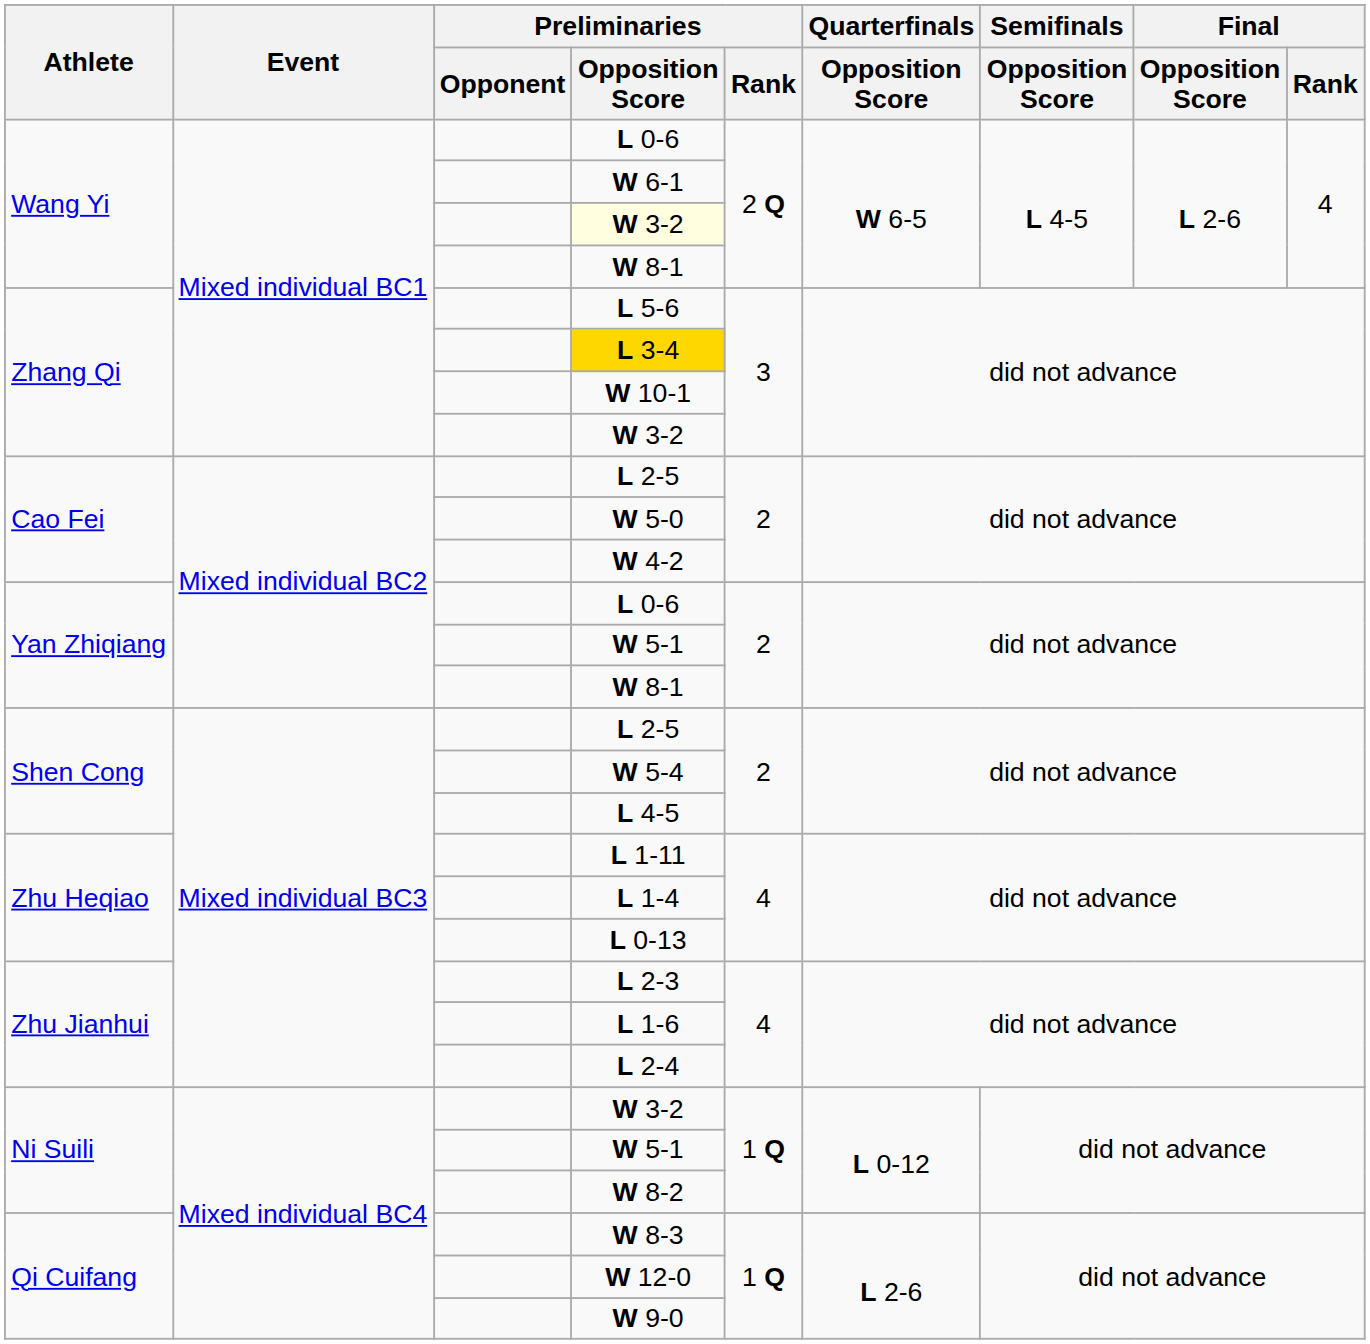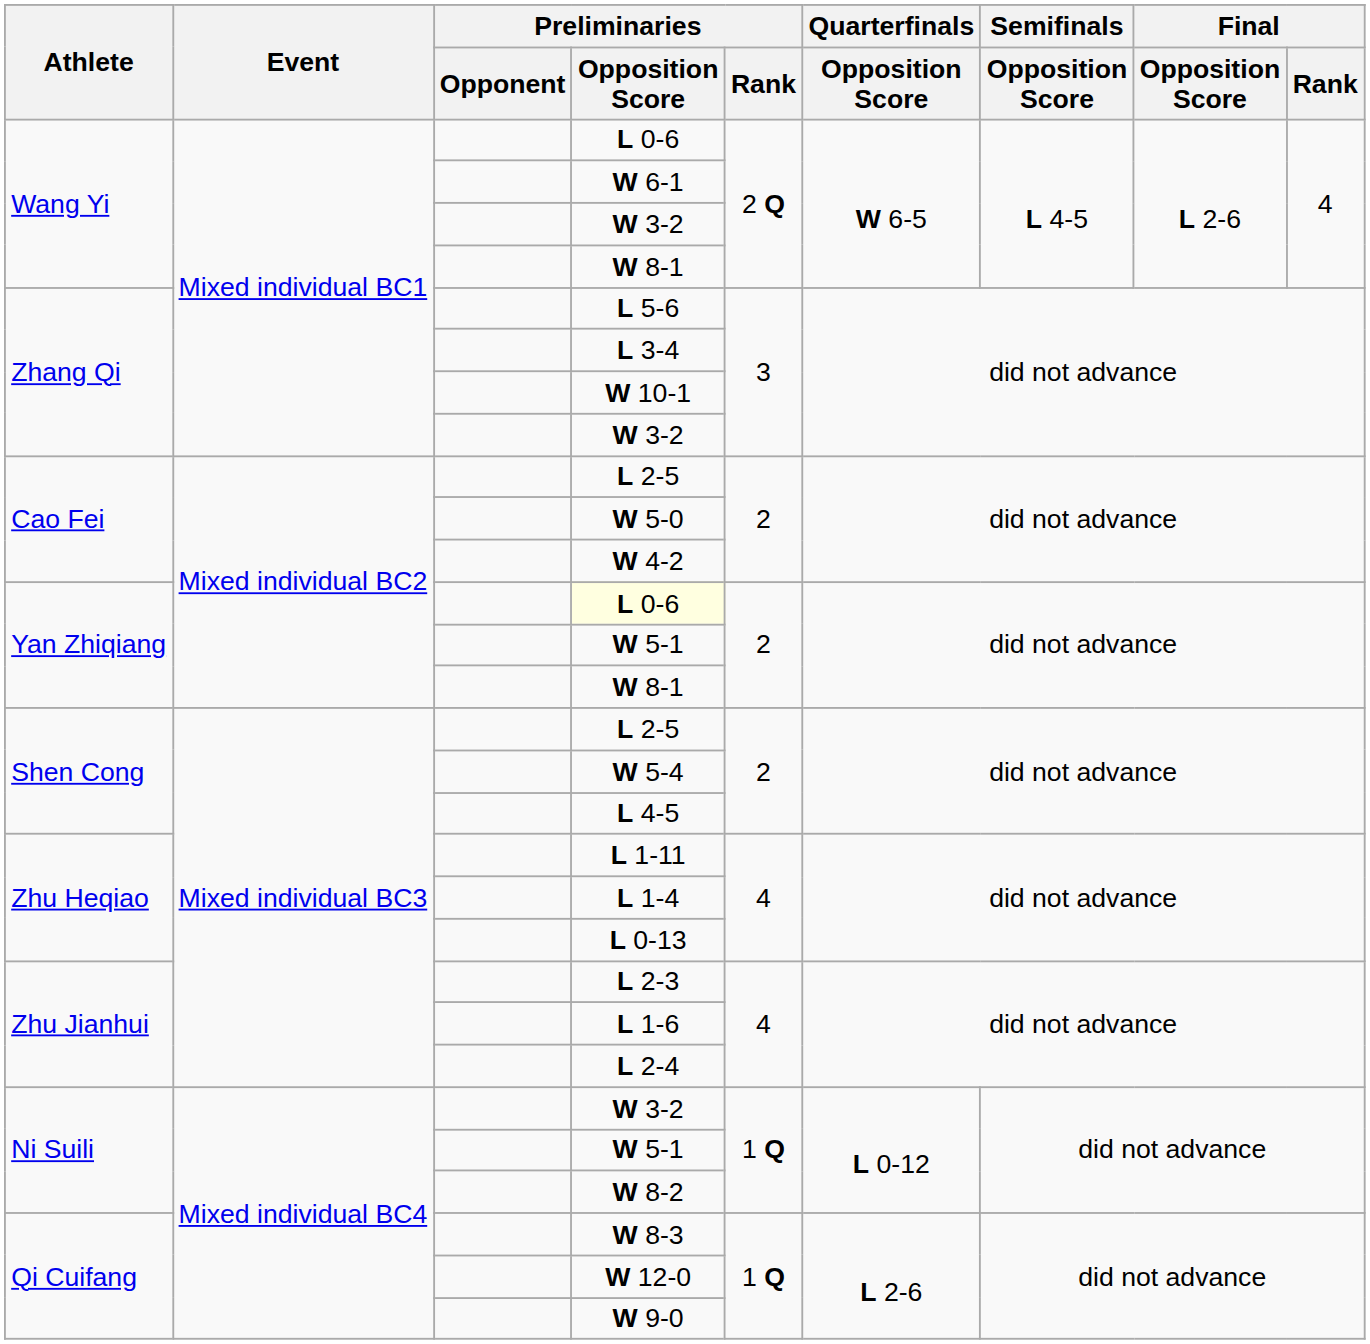 <table class=wikitable style="font-size:90%">
 <tr>
 <th rowspan="2">Athlete</th>
 <th rowspan="2">Event</th>
 <th colspan="3">Preliminaries</th>
 <th>Quarterfinals</th>
 <th>Semifinals</th>
 <th colspan="2">Final</th>
 </tr>
 <tr>
 <th>Opponent</th>
 <th>Opposition<br>Score</th>
 <th>Rank</th>
 <th>Opposition<br>Score</th>
 <th>Opposition<br>Score</th>
 <th>Opposition<br>Score</th>
 <th>Rank</th>
 </tr>
 <tr>
 <td rowspan="4"><a href='#'>Wang Yi</a></td>
 <td rowspan="8"><a href='#'>Mixed individual BC1</a></td>
 <td align="left"></td>
 <td align="center"><strong>L</strong> 0-6</td>
 <td align="center" rowspan="4">2 <strong>Q</strong></td>
 <td align="center" rowspan="4"><br> <strong>W</strong> 6-5</td>
 <td align="center" rowspan="4"><br> <strong>L</strong> 4-5</td>
 <td align="center" rowspan="4"><br> <strong>L</strong> 2-6</td>
 <td align="center" rowspan="4">4</td>
 </tr>
 <tr>
 <td align="left"></td>
 <td align="center"><strong>W</strong> 6-1</td>
 </tr>
 <tr>
 <td align="left"></td>
-<td align="center" style="background: lightyellow;"><strong>W</strong> 3-2</td>
+<td align="center"><strong>W</strong> 3-2</td>
 </tr>
 <tr>
 <td align="left"></td>
 <td align="center"><strong>W</strong> 8-1</td>
 </tr>
 <tr>
 <td rowspan="4"><a href='#'>Zhang Qi</a></td>
 <td align="left"></td>
 <td align="center"><strong>L</strong> 5-6</td>
 <td align="center" rowspan="4">3</td>
 <td align="center" rowspan="4" colspan="4">did not advance</td>
 </tr>
 <tr>
 <td align="left"></td>
-<td align="center" style="background: gold;"><strong>L</strong> 3-4</td>
+<td align="center"><strong>L</strong> 3-4</td>
 </tr>
 <tr>
 <td align="left"></td>
 <td align="center"><strong>W</strong> 10-1</td>
 </tr>
 <tr>
 <td align="left"></td>
 <td align="center"><strong>W</strong> 3-2</td>
 </tr>
 <tr>
 <td rowspan="3"><a href='#'>Cao Fei</a></td>
 <td rowspan="6"><a href='#'>Mixed individual BC2</a></td>
 <td align="left"></td>
 <td align="center"><strong>L</strong> 2-5</td>
 <td align="center" rowspan="3">2</td>
 <td align="center" rowspan="3" colspan="4">did not advance</td>
 </tr>
 <tr>
 <td align="left"></td>
 <td align="center"><strong>W</strong> 5-0</td>
 </tr>
 <tr>
 <td align="left"></td>
 <td align="center"><strong>W</strong> 4-2</td>
 </tr>
 <tr>
 <td rowspan="3"><a href='#'>Yan Zhiqiang</a></td>
 <td align="left"></td>
-<td align="center"><strong>L</strong> 0-6</td>
+<td align="center" style="background: lightyellow;"><strong>L</strong> 0-6</td>
 <td align="center" rowspan="3">2</td>
 <td align="center" rowspan="3" colspan="4">did not advance</td>
 </tr>
 <tr>
 <td align="left"></td>
 <td align="center"><strong>W</strong> 5-1</td>
 </tr>
 <tr>
 <td align="left"></td>
 <td align="center"><strong>W</strong> 8-1</td>
 </tr>
 <tr>
 <td rowspan="3"><a href='#'>Shen Cong</a></td>
 <td rowspan="9"><a href='#'>Mixed individual BC3</a></td>
 <td align="left"></td>
 <td align="center"><strong>L</strong> 2-5</td>
 <td align="center" rowspan="3">2</td>
 <td align="center" rowspan="3" colspan="4">did not advance</td>
 </tr>
 <tr>
 <td align="left"></td>
 <td align="center"><strong>W</strong> 5-4</td>
 </tr>
 <tr>
 <td align="left"></td>
 <td align="center"><strong>L</strong> 4-5</td>
 </tr>
 <tr>
 <td rowspan="3"><a href='#'>Zhu Heqiao</a></td>
 <td align="left"></td>
 <td align="center"><strong>L</strong> 1-11</td>
 <td align="center" rowspan="3">4</td>
 <td align="center" rowspan="3" colspan="4">did not advance</td>
 </tr>
 <tr>
 <td align="left"></td>
 <td align="center"><strong>L</strong> 1-4</td>
 </tr>
 <tr>
 <td align="left"></td>
 <td align="center"><strong>L</strong> 0-13</td>
 </tr>
 <tr>
 <td rowspan="3"><a href='#'>Zhu Jianhui</a></td>
 <td align="left"></td>
 <td align="center"><strong>L</strong> 2-3</td>
 <td align="center" rowspan="3">4</td>
 <td align="center" rowspan="3" colspan="4">did not advance</td>
 </tr>
 <tr>
 <td align="left"></td>
 <td align="center"><strong>L</strong> 1-6</td>
 </tr>
 <tr>
 <td align="left"></td>
 <td align="center"><strong>L</strong> 2-4</td>
 </tr>
 <tr>
 <td rowspan="3"><a href='#'>Ni Suili</a></td>
 <td rowspan="6"><a href='#'>Mixed individual BC4</a></td>
 <td align="left"></td>
 <td align="center"><strong>W</strong> 3-2</td>
 <td align="center" rowspan="3">1 <strong>Q</strong></td>
 <td align="center" rowspan="3"><br> <strong>L</strong> 0-12</td>
 <td align="center" rowspan="3" colspan="3">did not advance</td>
 </tr>
 <tr>
 <td align="left"></td>
 <td align="center"><strong>W</strong> 5-1</td>
 </tr>
 <tr>
 <td align="left"></td>
 <td align="center"><strong>W</strong> 8-2</td>
 </tr>
 <tr>
 <td rowspan="3"><a href='#'>Qi Cuifang</a></td>
 <td align="left"></td>
 <td align="center"><strong>W</strong> 8-3</td>
 <td align="center" rowspan="3">1 <strong>Q</strong></td>
 <td align="center" rowspan="3"><br> <strong>L</strong> 2-6</td>
 <td align="center" rowspan="3" colspan="3">did not advance</td>
 </tr>
 <tr>
 <td align="left"></td>
 <td align="center"><strong>W</strong> 12-0</td>
 </tr>
 <tr>
 <td align="left"></td>
 <td align="center"><strong>W</strong> 9-0</td>
 </tr>
 </table>
